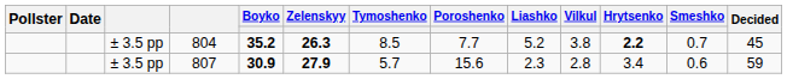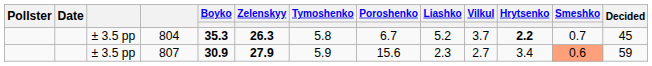 <table class="wikitable" style="text-align:center;font-size:95%;line-height:14px;">
 <tr>
 <th rowspan=2>Pollster</th>
 <th rowspan=2>Date</th>
 <th style="width:60px;" class=unsortable rowspan=2></th>
 <th style="width:65px;" class=unsortable rowspan=2></th>
 <th> <small><a href='#'>Boyko</a></small><br></th>
 <th><small><a href='#'>Zelenskyy</a></small><br></th>
 <th><small><a href='#'>Tymoshenko</a></small><br></th>
 <th> <small><a href='#'>Poroshenko</a></small><br></th>
 <th><small><a href='#'>Liashko</a></small><br></th>
 <th><small><a href='#'>Vilkul</a></small><br></th>
 <th><small><a href='#'>Hrytsenko</a></small><br></th>
 <th><small><a href='#'>Smeshko</a></small><br></th>
 <th rowspan=2><small>Decided</small></th>
 </tr>
 <tr>
 <th style="background:"></th>
 <th style="background:"></th>
 <th style="background:"></th>
 <th style="background:"></th>
 <th style="background:"></th>
 <th style="background:"></th>
 <th style="background:"></th>
 <th style="background:"></th>
 </tr>
 <tr>
 <td> </td>
 <td></td>
 <td>± 3.5 pp</td>
 <td>804</td>
-<td style="background-color:#"><strong>35.2</strong></td>
+<td style="background-color:#"><strong>35.3</strong></td>
 <td style="background-color:#"><strong>26.3</strong></td>
-<td>8.5</td>
-<td>7.7</td>
+<td>5.8</td>
+<td>6.7</td>
 <td>5.2</td>
-<td>3.8</td>
+<td>3.7</td>
 <td><strong>2.2</strong></td>
 <td>0.7</td>
 <td>45</td>
 </tr>
 <tr>
 <td> </td>
 <td></td>
 <td>± 3.5 pp</td>
 <td>807</td>
 <td style="background-color:#"><strong>30.9</strong></td>
 <td style="background-color:#"><strong>27.9</strong></td>
-<td>5.7</td>
+<td>5.9</td>
 <td>15.6</td>
 <td>2.3</td>
-<td>2.8</td>
+<td>2.7</td>
 <td>3.4</td>
-<td>0.6</td>
+<td style="background: lightsalmon;">0.6</td>
 <td>59</td>
 </tr>
 </table>
